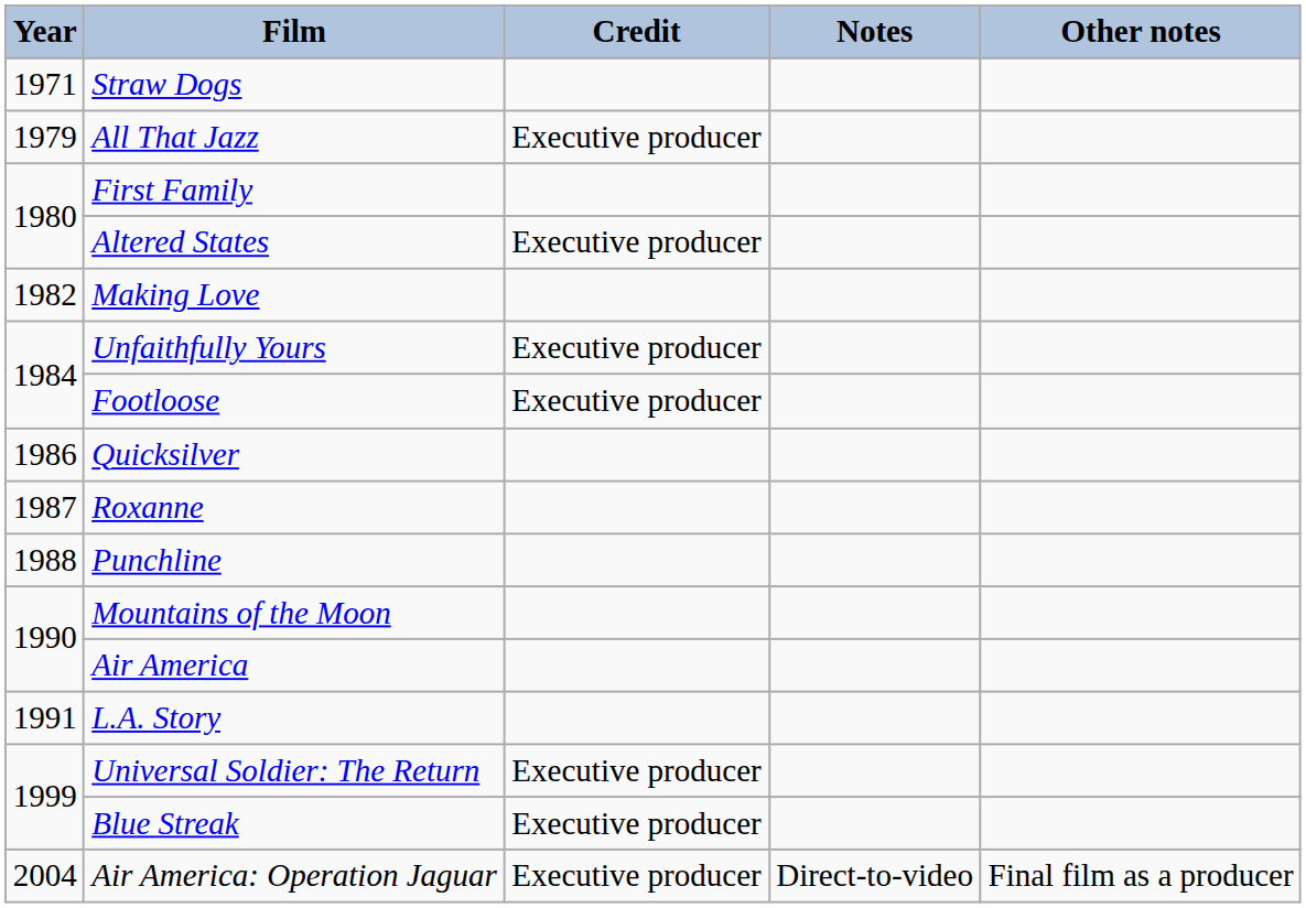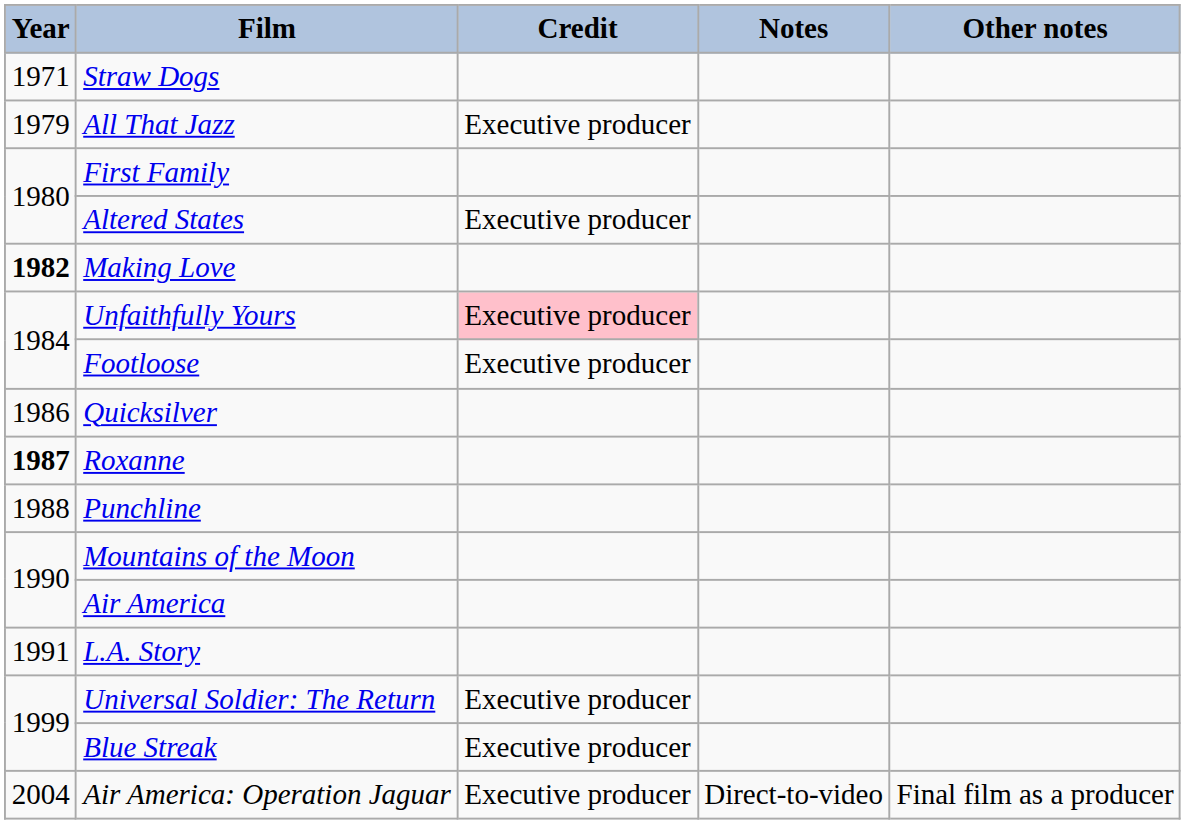 <table class="wikitable" style="font-size:95%;">
 <tr>
 <th style="background:#B0C4DE;">Year</th>
 <th style="background:#B0C4DE;">Film</th>
 <th style="background:#B0C4DE;">Credit</th>
 <th style="background:#B0C4DE;">Notes</th>
 <th style="background:#B0C4DE;">Other notes</th>
 </tr>
 <tr>
 <td>1971</td>
 <td><em><a href='#'>Straw Dogs</a></em></td>
 <td></td>
 <td></td>
 <td></td>
 </tr>
 <tr>
 <td>1979</td>
 <td><em><a href='#'>All That Jazz</a></em></td>
 <td>Executive producer</td>
 <td></td>
 <td></td>
 </tr>
 <tr>
 <td rowspan=2>1980</td>
 <td><em><a href='#'>First Family</a></em></td>
 <td></td>
 <td></td>
 <td></td>
 </tr>
 <tr>
 <td><em><a href='#'>Altered States</a></em></td>
 <td>Executive producer</td>
 <td></td>
 <td></td>
 </tr>
 <tr>
-<td>1982</td>
+<td><strong>1982</strong></td>
 <td><em><a href='#'>Making Love</a></em></td>
 <td></td>
 <td></td>
 <td></td>
 </tr>
 <tr>
 <td rowspan=2>1984</td>
 <td><em><a href='#'>Unfaithfully Yours</a></em></td>
-<td>Executive producer</td>
+<td style="background: pink;">Executive producer</td>
 <td></td>
 <td></td>
 </tr>
 <tr>
 <td><em><a href='#'>Footloose</a></em></td>
 <td>Executive producer</td>
 <td></td>
 <td></td>
 </tr>
 <tr>
 <td>1986</td>
 <td><em><a href='#'>Quicksilver</a></em></td>
 <td></td>
 <td></td>
 <td></td>
 </tr>
 <tr>
-<td>1987</td>
+<td><strong>1987</strong></td>
 <td><em><a href='#'>Roxanne</a></em></td>
 <td></td>
 <td></td>
 <td></td>
 </tr>
 <tr>
 <td>1988</td>
 <td><em><a href='#'>Punchline</a></em></td>
 <td></td>
 <td></td>
 <td></td>
 </tr>
 <tr>
 <td rowspan=2>1990</td>
 <td><em><a href='#'>Mountains of the Moon</a></em></td>
 <td></td>
 <td></td>
 <td></td>
 </tr>
 <tr>
 <td><em><a href='#'>Air America</a></em></td>
 <td></td>
 <td></td>
 <td></td>
 </tr>
 <tr>
 <td>1991</td>
 <td><em><a href='#'>L.A. Story</a></em></td>
 <td></td>
 <td></td>
 <td></td>
 </tr>
 <tr>
 <td rowspan=2>1999</td>
 <td><em><a href='#'>Universal Soldier: The Return</a></em></td>
 <td>Executive producer</td>
 <td></td>
 <td></td>
 </tr>
 <tr>
 <td><em><a href='#'>Blue Streak</a></em></td>
 <td>Executive producer</td>
 <td></td>
 <td></td>
 </tr>
 <tr>
 <td>2004</td>
 <td><em>Air America: Operation Jaguar</em></td>
 <td>Executive producer</td>
 <td>Direct-to-video</td>
 <td>Final film as a producer</td>
 </tr>
 </table>
